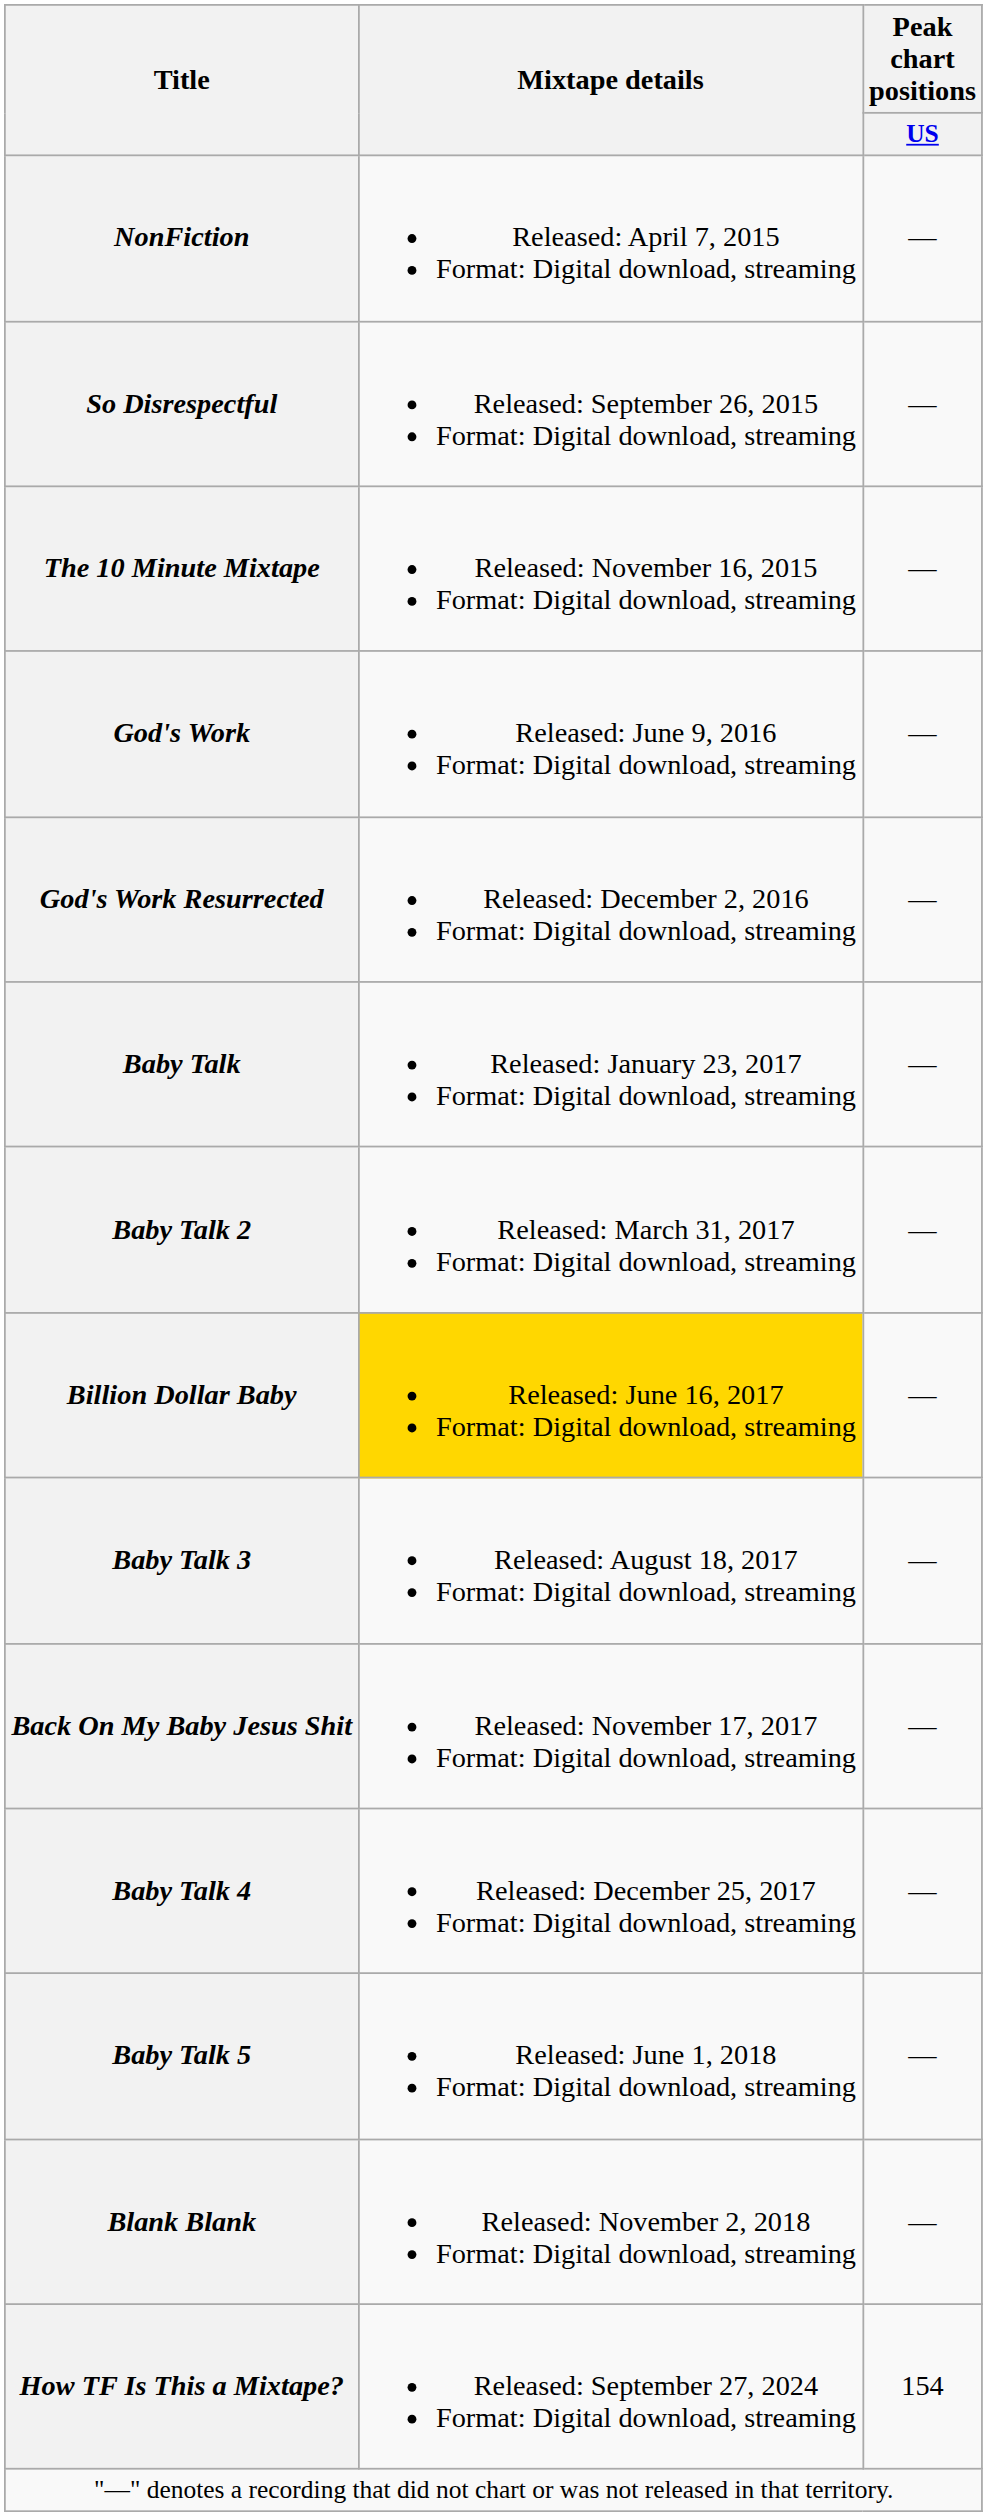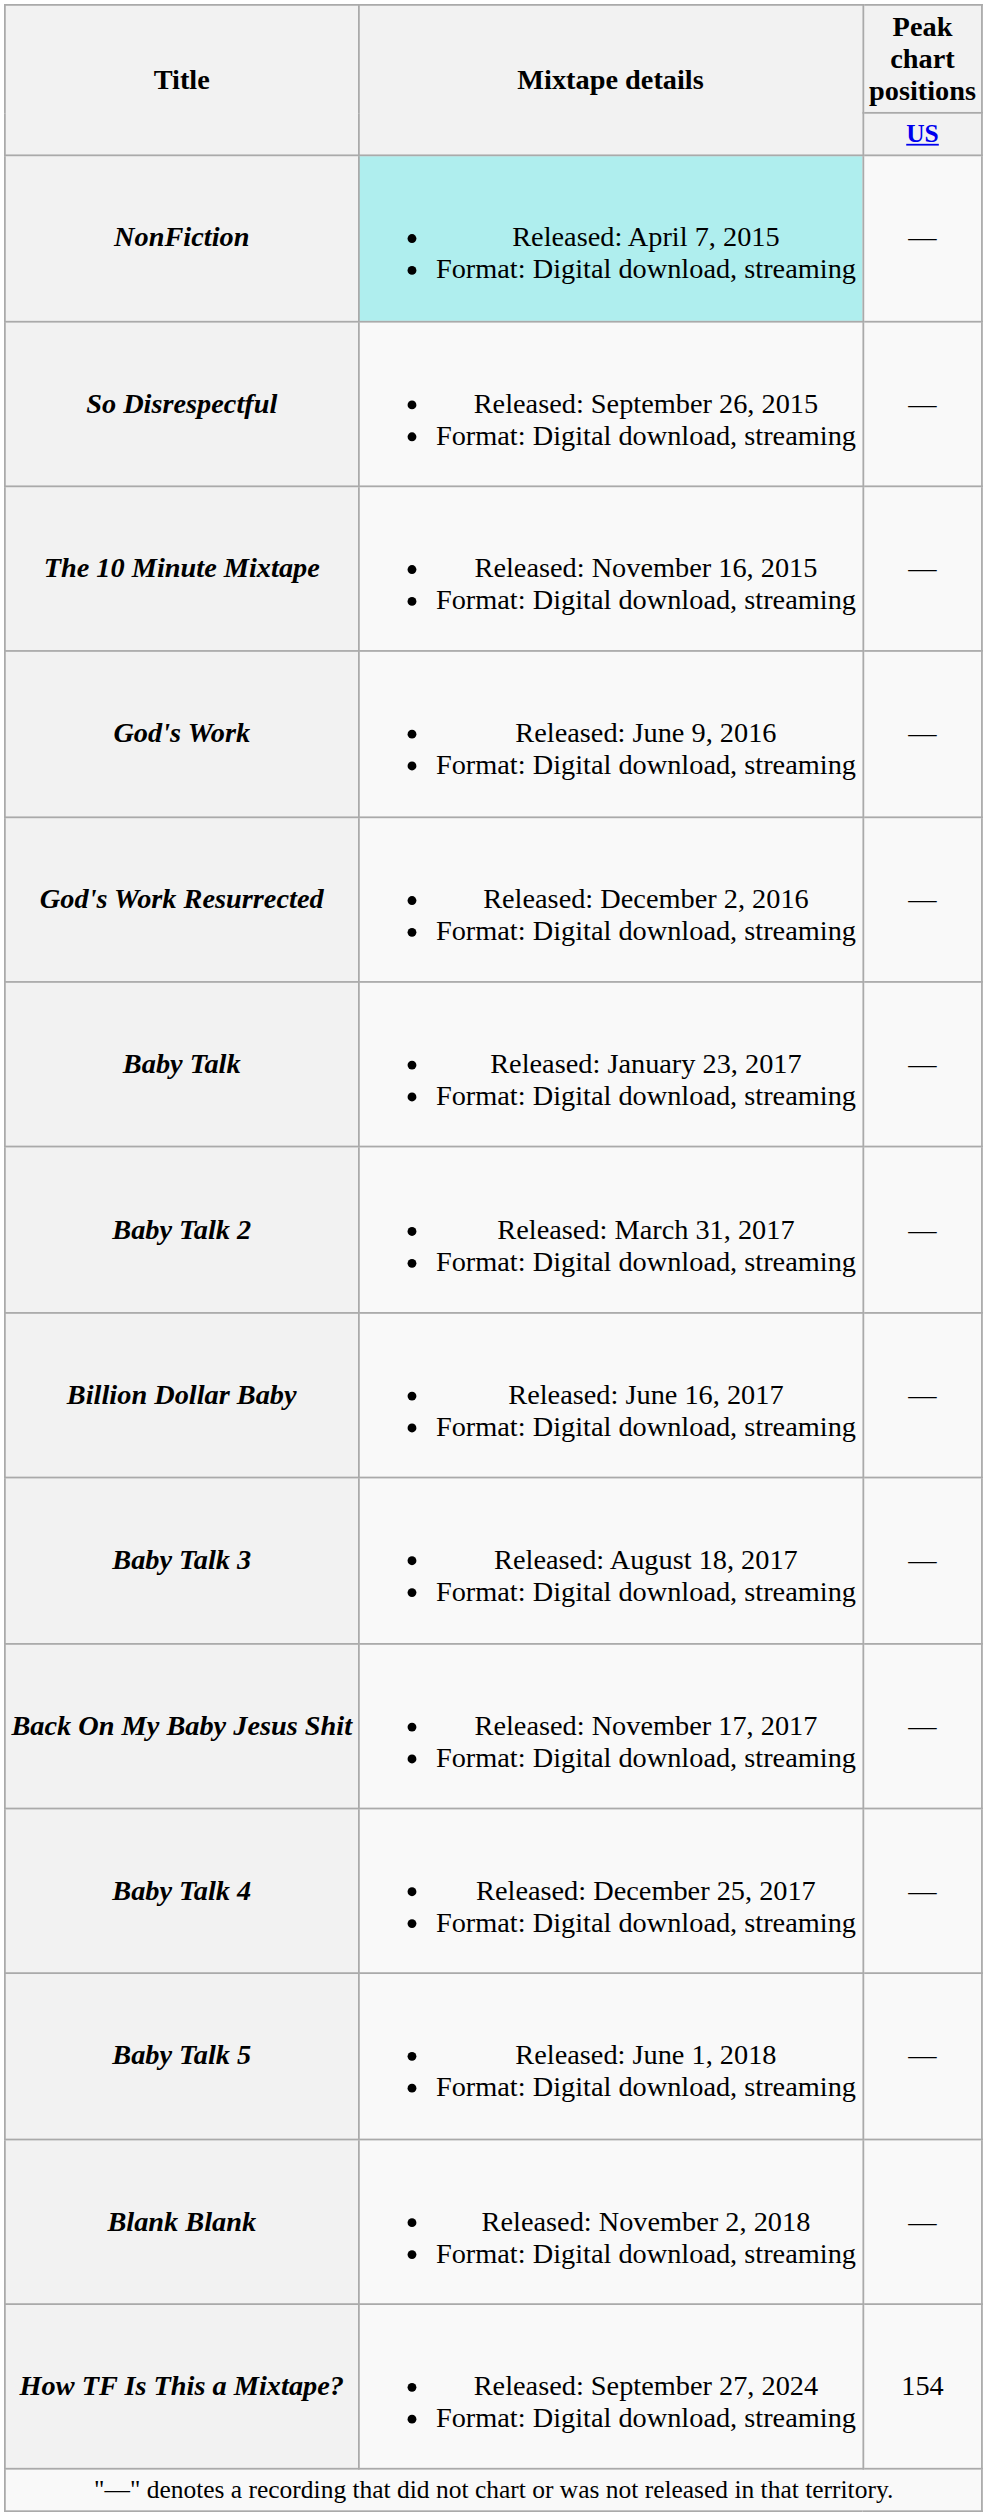 <table class="wikitable plainrowheaders" style="text-align:center;">
 <tr>
 <th scope="col" rowspan="2">Title</th>
 <th scope="col" rowspan="2">Mixtape details</th>
 <th scope="col">Peak chart positions</th>
 </tr>
 <tr>
 <th scope="col" style="width:3em;font-size:90%;"><a href='#'>US</a><br></th>
 </tr>
 <tr>
 <th scope="row"><em>NonFiction</em></th>
-<td><br><ul><li>Released: April 7, 2015</li><li>Format: Digital download, streaming</li></ul></td>
+<td style="background: paleturquoise;"><br><ul><li>Released: April 7, 2015</li><li>Format: Digital download, streaming</li></ul></td>
 <td>—</td>
 </tr>
 <tr>
 <th scope="row"><em>So Disrespectful</em></th>
 <td><br><ul><li>Released: September 26, 2015</li><li>Format: Digital download, streaming</li></ul></td>
 <td>—</td>
 </tr>
 <tr>
 <th scope="row"><em>The 10 Minute Mixtape</em></th>
 <td><br><ul><li>Released: November 16, 2015</li><li>Format: Digital download, streaming</li></ul></td>
 <td>—</td>
 </tr>
 <tr>
 <th scope="row"><em>God's Work</em></th>
 <td><br><ul><li>Released: June 9, 2016</li><li>Format: Digital download, streaming</li></ul></td>
 <td>—</td>
 </tr>
 <tr>
 <th scope="row"><em>God's Work Resurrected</em></th>
 <td><br><ul><li>Released: December 2, 2016</li><li>Format: Digital download, streaming</li></ul></td>
 <td>—</td>
 </tr>
 <tr>
 <th scope="row"><em>Baby Talk</em></th>
 <td><br><ul><li>Released: January 23, 2017</li><li>Format: Digital download, streaming</li></ul></td>
 <td>—</td>
 </tr>
 <tr>
 <th scope="row"><em>Baby Talk 2</em></th>
 <td><br><ul><li>Released: March 31, 2017</li><li>Format: Digital download, streaming</li></ul></td>
 <td>—</td>
 </tr>
 <tr>
 <th scope="row"><em>Billion Dollar Baby</em></th>
-<td style="background: gold;"><br><ul><li>Released: June 16, 2017</li><li>Format: Digital download, streaming</li></ul></td>
+<td><br><ul><li>Released: June 16, 2017</li><li>Format: Digital download, streaming</li></ul></td>
 <td>—</td>
 </tr>
 <tr>
 <th scope="row"><em>Baby Talk 3</em></th>
 <td><br><ul><li>Released: August 18, 2017</li><li>Format: Digital download, streaming</li></ul></td>
 <td>—</td>
 </tr>
 <tr>
 <th scope="row"><em>Back On My Baby Jesus Shit</em></th>
 <td><br><ul><li>Released: November 17, 2017</li><li>Format: Digital download, streaming</li></ul></td>
 <td>—</td>
 </tr>
 <tr>
 <th scope="row"><em>Baby Talk 4</em></th>
 <td><br><ul><li>Released: December 25, 2017</li><li>Format: Digital download, streaming</li></ul></td>
 <td>—</td>
 </tr>
 <tr>
 <th scope="row"><em>Baby Talk 5</em></th>
 <td><br><ul><li>Released: June 1, 2018</li><li>Format: Digital download, streaming</li></ul></td>
 <td>—</td>
 </tr>
 <tr>
 <th scope="row"><em>Blank Blank</em></th>
 <td><br><ul><li>Released: November 2, 2018</li><li>Format: Digital download, streaming</li></ul></td>
 <td>—</td>
 </tr>
 <tr>
 <th scope="row"><em>How TF Is This a Mixtape?</em></th>
 <td><br><ul><li>Released: September 27, 2024</li><li>Format: Digital download, streaming</li></ul></td>
 <td>154</td>
 </tr>
 <tr>
 <td colspan="8" style="font-size:90%">"—" denotes a recording that did not chart or was not released in that territory.</td>
 </tr>
 </table>
